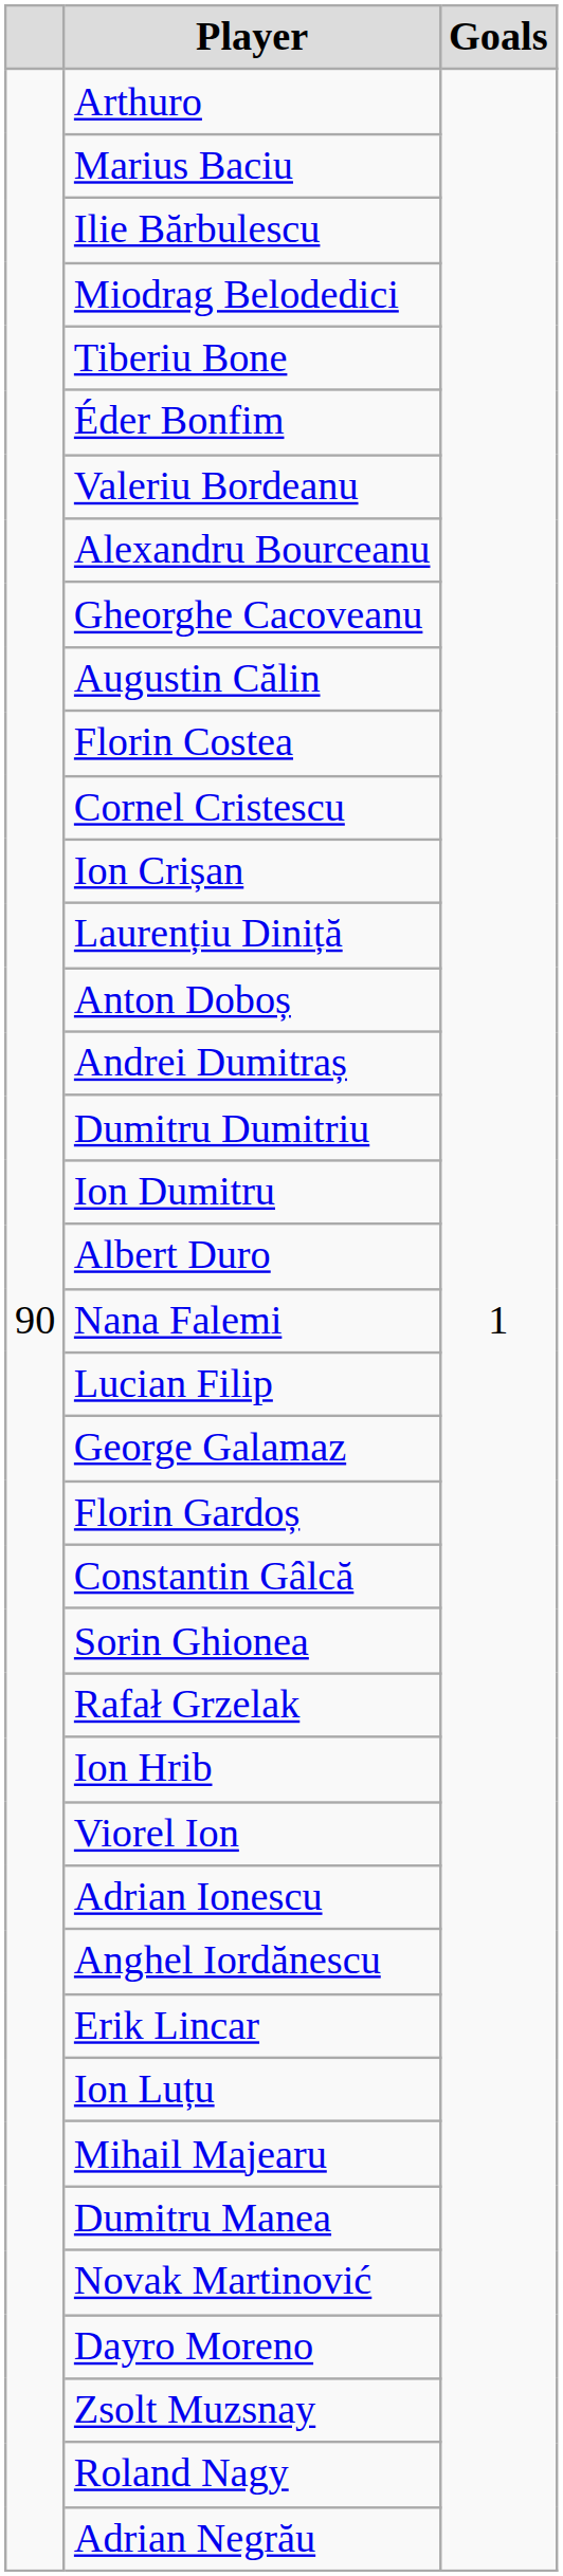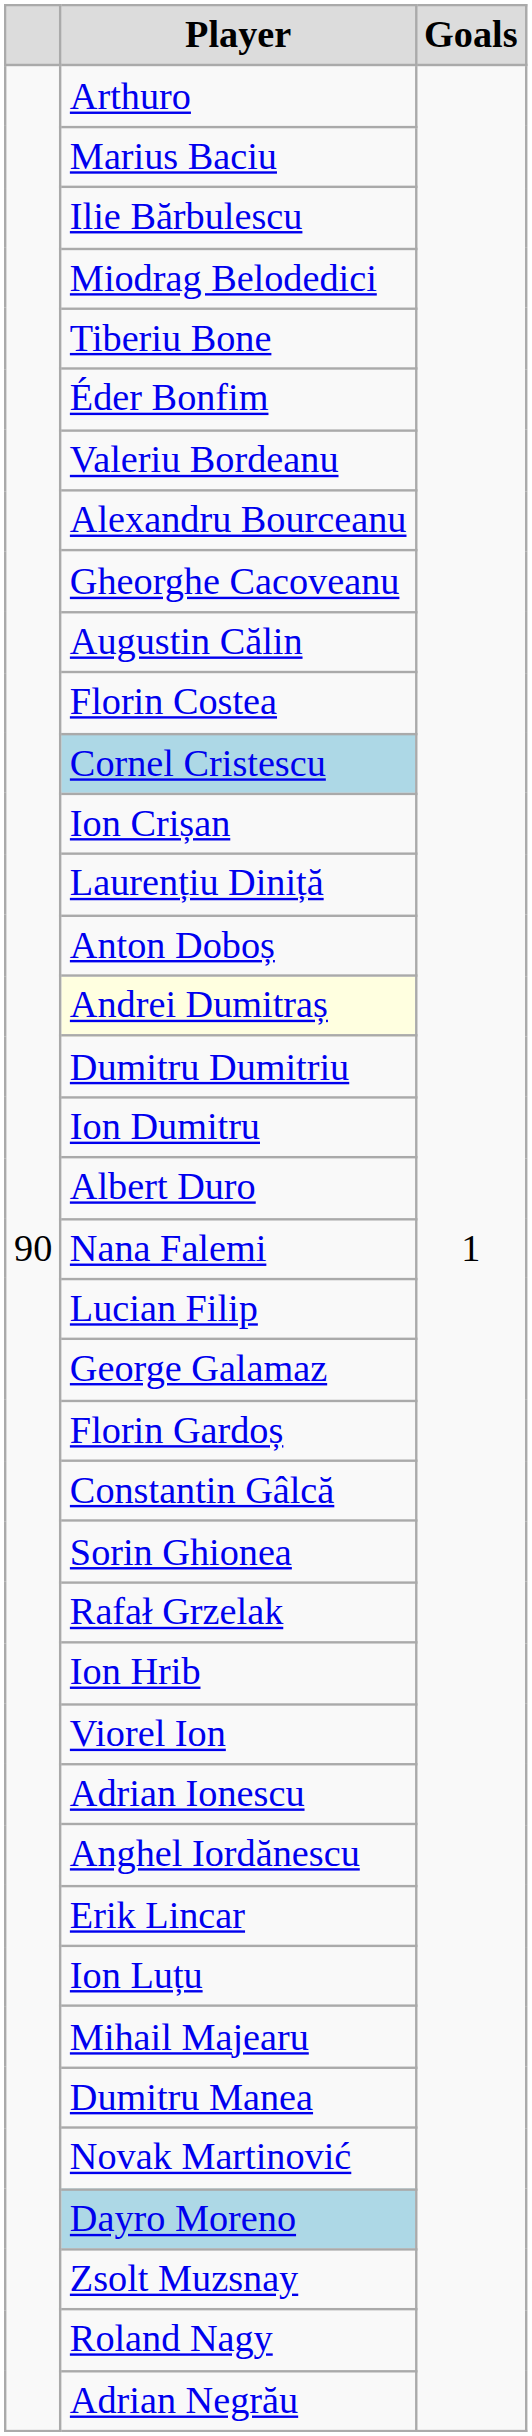 <table border="0" class="wikitable">
 <tr>
 <th width="15" style="background:#DCDCDC"></th>
 <th style="background:#DCDCDC">Player</th>
 <th style="background:#DCDCDC">Goals</th>
 </tr>
 <tr>
 <td rowspan="39" align=left>90</td>
 <td> <a href='#'>Arthuro</a></td>
 <td rowspan="39" align=center>1</td>
 </tr>
 <tr>
 <td><a href='#'>Marius Baciu</a></td>
 </tr>
 <tr>
 <td><a href='#'>Ilie Bărbulescu</a></td>
 </tr>
 <tr>
 <td><a href='#'>Miodrag Belodedici</a></td>
 </tr>
 <tr>
 <td><a href='#'>Tiberiu Bone</a></td>
 </tr>
 <tr>
 <td> <a href='#'>Éder Bonfim</a></td>
 </tr>
 <tr>
 <td><a href='#'>Valeriu Bordeanu</a></td>
 </tr>
 <tr>
 <td><a href='#'>Alexandru Bourceanu</a></td>
 </tr>
 <tr>
 <td><a href='#'>Gheorghe Cacoveanu</a></td>
 </tr>
 <tr>
 <td><a href='#'>Augustin Călin</a></td>
 </tr>
 <tr>
 <td><a href='#'>Florin Costea</a></td>
 </tr>
 <tr>
-<td><a href='#'>Cornel Cristescu</a></td>
+<td style="background: lightblue;"><a href='#'>Cornel Cristescu</a></td>
 </tr>
 <tr>
 <td><a href='#'>Ion Crișan</a></td>
 </tr>
 <tr>
 <td><a href='#'>Laurențiu Diniță</a></td>
 </tr>
 <tr>
 <td><a href='#'>Anton Doboș</a></td>
 </tr>
 <tr>
-<td><a href='#'>Andrei Dumitraș</a></td>
+<td style="background: lightyellow;"><a href='#'>Andrei Dumitraș</a></td>
 </tr>
 <tr>
 <td><a href='#'>Dumitru Dumitriu</a></td>
 </tr>
 <tr>
 <td><a href='#'>Ion Dumitru</a></td>
 </tr>
 <tr>
 <td> <a href='#'>Albert Duro</a></td>
 </tr>
 <tr>
 <td> <a href='#'>Nana Falemi</a></td>
 </tr>
 <tr>
 <td><a href='#'>Lucian Filip</a></td>
 </tr>
 <tr>
 <td><a href='#'>George Galamaz</a></td>
 </tr>
 <tr>
 <td><a href='#'>Florin Gardoș</a></td>
 </tr>
 <tr>
 <td><a href='#'>Constantin Gâlcă</a></td>
 </tr>
 <tr>
 <td><a href='#'>Sorin Ghionea</a></td>
 </tr>
 <tr>
 <td> <a href='#'>Rafał Grzelak</a></td>
 </tr>
 <tr>
 <td><a href='#'>Ion Hrib</a></td>
 </tr>
 <tr>
 <td><a href='#'>Viorel Ion</a></td>
 </tr>
 <tr>
 <td><a href='#'>Adrian Ionescu</a></td>
 </tr>
 <tr>
 <td><a href='#'>Anghel Iordănescu</a></td>
 </tr>
 <tr>
 <td><a href='#'>Erik Lincar</a></td>
 </tr>
 <tr>
 <td><a href='#'>Ion Luțu</a></td>
 </tr>
 <tr>
 <td><a href='#'>Mihail Majearu</a></td>
 </tr>
 <tr>
 <td><a href='#'>Dumitru Manea</a></td>
 </tr>
 <tr>
 <td> <a href='#'>Novak Martinović</a></td>
 </tr>
 <tr>
-<td> <a href='#'>Dayro Moreno</a></td>
+<td style="background: lightblue;"> <a href='#'>Dayro Moreno</a></td>
 </tr>
 <tr>
 <td><a href='#'>Zsolt Muzsnay</a></td>
 </tr>
 <tr>
 <td><a href='#'>Roland Nagy</a></td>
 </tr>
 <tr>
 <td><a href='#'>Adrian Negrău</a></td>
 </tr>
 </table>
